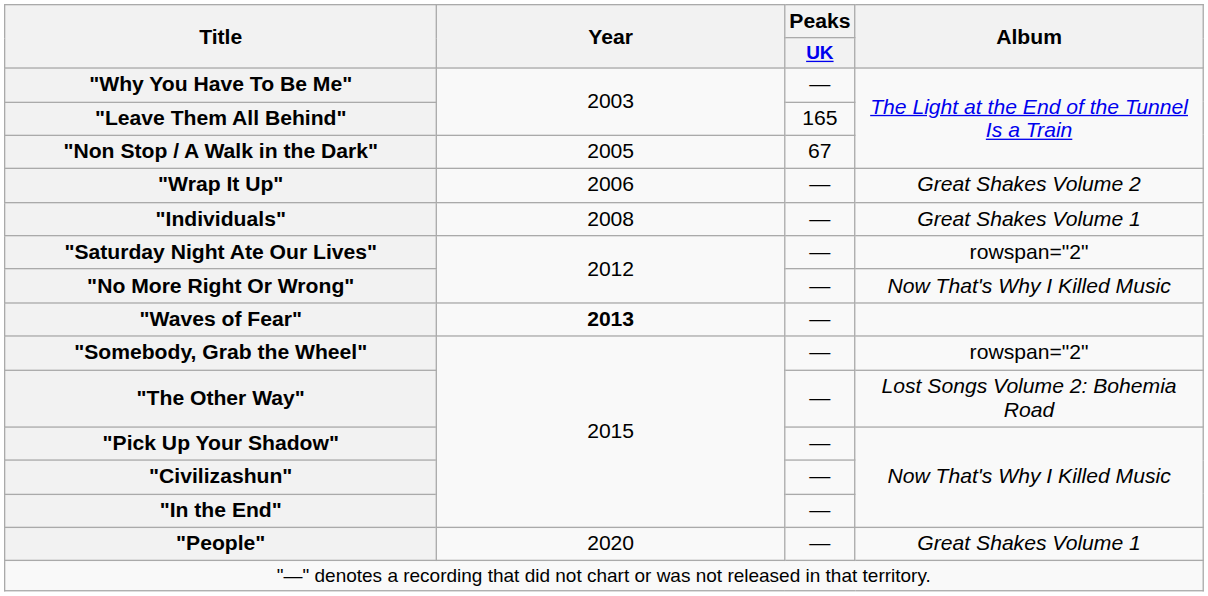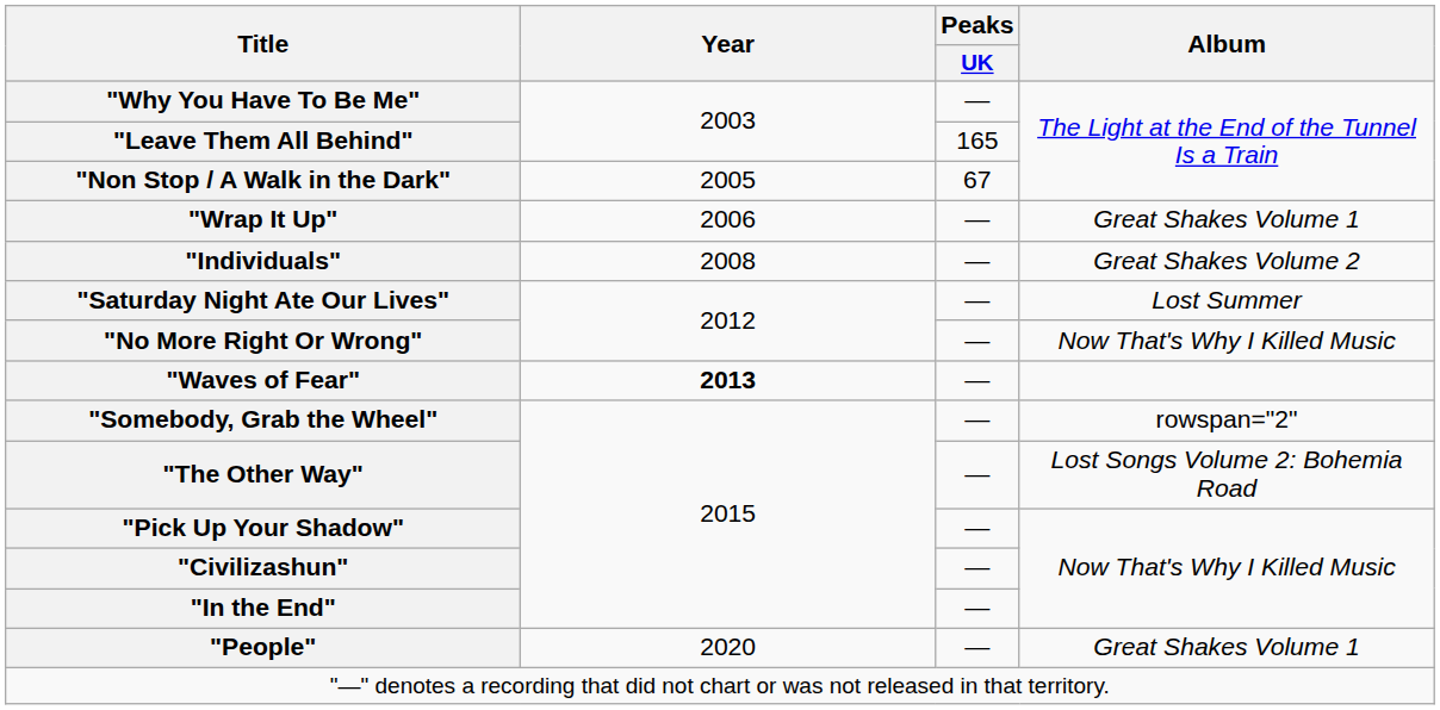 <table class="wikitable plainrowheaders" style="text-align:center;">
 <tr>
 <th scope="col" rowspan="2" style="width:20em;">Title</th>
 <th scope="col" rowspan="2" style="width:3em;">Year</th>
 <th scope="col" colspan="1">Peaks</th>
 <th scope="col" rowspan="2" style="width:16em;">Album</th>
 </tr>
 <tr>
 <th scope="col" style="width:3em;font-size:90%;"><a href='#'>UK</a></th>
 </tr>
 <tr>
 <th scope="row">"Why You Have To Be Me"<br></th>
 <td rowspan="2" style="width:16em;">2003</td>
 <td>—</td>
 <td rowspan="3" style="width:16em;"><em><a href='#'>The Light at the End of the Tunnel Is a Train</a></em></td>
 </tr>
 <tr>
 <th scope="row">"Leave Them All Behind"</th>
 <td>165</td>
 </tr>
 <tr>
 <th scope="row">"Non Stop / A Walk in the Dark"</th>
 <td>2005</td>
 <td>67</td>
 </tr>
 <tr>
 <th scope="row">"Wrap It Up"</th>
 <td>2006</td>
 <td>—</td>
-<td style="width:16em;"><em>Great Shakes Volume 2</em></td>
+<td style="width:16em;"><em>Great Shakes Volume 1</em></td>
 </tr>
 <tr>
 <th scope="row">"Individuals"</th>
 <td>2008</td>
 <td>—</td>
-<td style="width:16em;"><em>Great Shakes Volume 1</em></td>
+<td style="width:16em;"><em>Great Shakes Volume 2</em></td>
 </tr>
 <tr>
 <th scope="row">"Saturday Night Ate Our Lives"</th>
 <td rowspan="2" style="width:16em;">2012</td>
 <td>—</td>
-<td>rowspan="2" </td>
+<td style="width:16em;"><em>Lost Summer</em></td>
 </tr>
 <tr>
 <th scope="row">"No More Right Or Wrong"</th>
 <td>—</td>
 <td><em>Now That's Why I Killed Music</em><br></td>
 </tr>
 <tr>
 <th scope="row">"Waves of Fear"</th>
 <td><strong>2013</strong></td>
 <td>—</td>
 </tr>
 <tr>
 <th scope="row">"Somebody, Grab the Wheel"</th>
 <td rowspan="5" style="width:16em;">2015</td>
 <td>—</td>
 <td>rowspan="2" </td>
 </tr>
 <tr>
 <th scope="row">"The Other Way"</th>
 <td>—</td>
 <td><em>Lost Songs Volume 2: Bohemia Road</em></td>
 </tr>
 <tr>
 <th scope="row">"Pick Up Your Shadow"</th>
 <td>—</td>
 <td rowspan="3" style="width:16em;"><em>Now That's Why I Killed Music</em></td>
 </tr>
 <tr>
 <th scope="row">"Civilizashun"<br></th>
 <td>—</td>
 </tr>
 <tr>
 <th scope="row">"In the End"</th>
 <td>—</td>
 </tr>
 <tr>
 <th scope="row">"People"</th>
 <td>2020</td>
 <td>—</td>
 <td style="width:16em;"><em>Great Shakes Volume 1</em></td>
 </tr>
 <tr>
 <td colspan="4" style="font-size:90%">"—" denotes a recording that did not chart or was not released in that territory.</td>
 </tr>
 </table>
